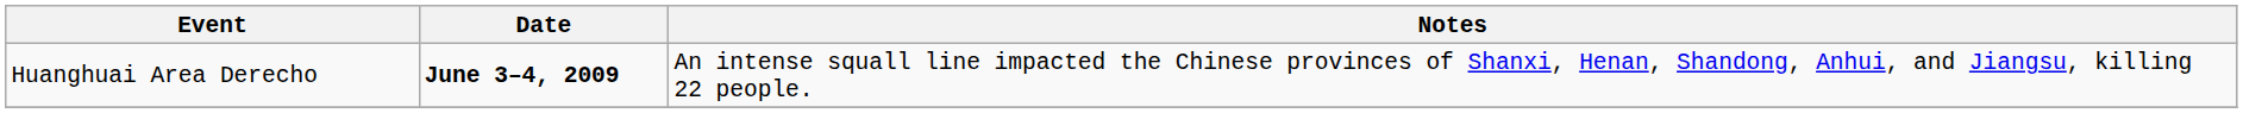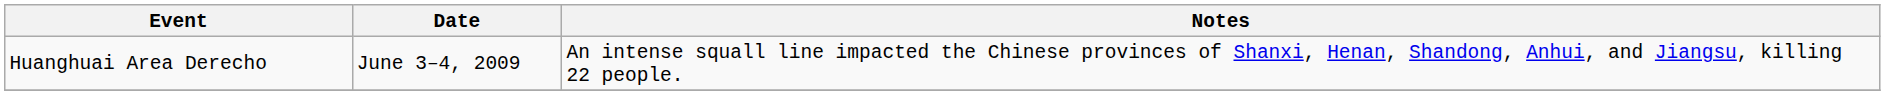 <table class="wikitable">
 <tr>
 <th scope="col" style="width: 250px;">Event</th>
 <th scope="col" style="width: 150px;">Date</th>
 <th scope="col" style="width: 1000px;">Notes</th>
 </tr>
 <tr>
 <td>Huanghuai Area Derecho</td>
-<td><strong>June 3–4, 2009</strong></td>
+<td>June 3–4, 2009</td>
 <td>An intense squall line impacted the Chinese provinces of <a href='#'>Shanxi</a>, <a href='#'>Henan</a>, <a href='#'>Shandong</a>, <a href='#'>Anhui</a>, and <a href='#'>Jiangsu</a>, killing 22 people.</td>
 </tr>
 <tr>
 </tr>
 </table>
